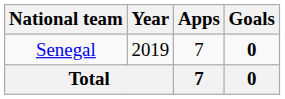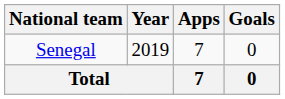 <table class="wikitable" style="text-align:center">
 <tr>
 <th>National team</th>
 <th>Year</th>
 <th>Apps</th>
 <th>Goals</th>
 </tr>
 <tr>
 <td rowspan="1"><a href='#'>Senegal</a></td>
 <td>2019</td>
 <td>7</td>
-<td><strong>0</strong></td>
+<td>0</td>
 </tr>
 <tr>
 <th colspan="2">Total</th>
 <th>7</th>
 <th>0</th>
 </tr>
 </table>
